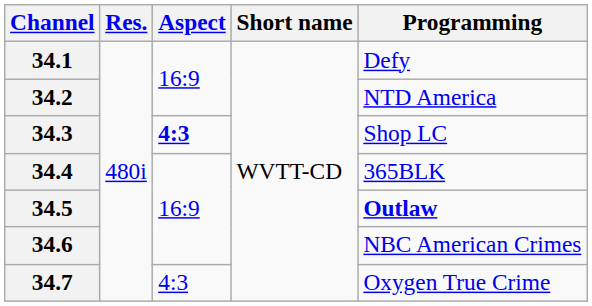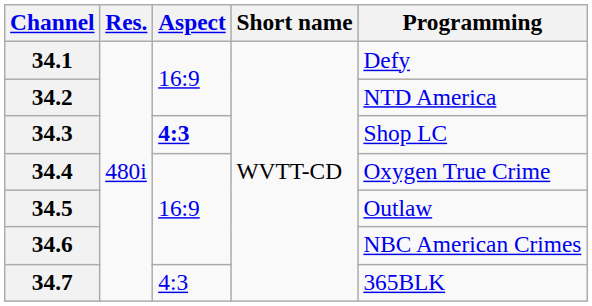 <table class="wikitable">
 <tr>
 <th scope = "col"><a href='#'>Channel</a></th>
 <th scope = "col"><a href='#'>Res.</a></th>
 <th scope = "col"><a href='#'>Aspect</a></th>
 <th scope = "col">Short name</th>
 <th scope = "col">Programming</th>
 </tr>
 <tr>
 <th scope = "row">34.1</th>
 <td rowspan=7><a href='#'>480i</a></td>
 <td rowspan=2><a href='#'>16:9</a></td>
 <td rowspan=7>WVTT-CD</td>
 <td><a href='#'>Defy</a></td>
 </tr>
 <tr>
 <th scope = "row">34.2</th>
 <td><a href='#'>NTD America</a></td>
 </tr>
 <tr>
 <th scope = "row">34.3</th>
 <td><strong><a href='#'>4:3</a></strong></td>
 <td><a href='#'>Shop LC</a></td>
 </tr>
 <tr>
 <th scope = "row">34.4</th>
 <td rowspan=3><a href='#'>16:9</a></td>
-<td><a href='#'>365BLK</a></td>
+<td><a href='#'>Oxygen True Crime</a></td>
 </tr>
 <tr>
 <th scope = "row">34.5</th>
-<td><strong><a href='#'>Outlaw</a></strong></td>
+<td><a href='#'>Outlaw</a></td>
 </tr>
 <tr>
 <th scope = "row">34.6</th>
 <td><a href='#'>NBC American Crimes</a></td>
 </tr>
 <tr>
 <th scope = "row">34.7</th>
 <td><a href='#'>4:3</a></td>
-<td><a href='#'>Oxygen True Crime</a></td>
+<td><a href='#'>365BLK</a></td>
 </tr>
 </table>
